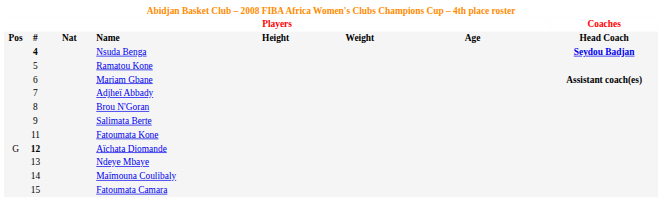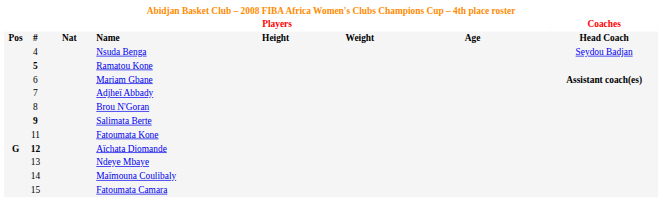 <table border=0 cellpadding=2 cellspacing=0  |- bgcolor=#f5f5f5 style="text-align:center; font-size:85%;" width=75%>
 <tr>
 <td colspan="8" style="background: white; color: #ff8c00"><strong>Abidjan Basket Club – 2008 FIBA Africa Women's Clubs Champions Cup – 4th place roster</strong></td>
 </tr>
 <tr>
 <td colspan="7" style="background: white; color: red"><strong>Players</strong></td>
 <td style="background: white; color: red"><strong>Coaches</strong></td>
 </tr>
 <tr style="background=#f5f5f5; color: black">
 <th width=5px>Pos</th>
 <th width=5px>#</th>
 <th width=50px>Nat</th>
 <th width=135px align=left>Name</th>
 <th width=100px>Height</th>
 <th width=70px>Weight</th>
 <th width=160px>Age</th>
 <th width=110px>Head Coach</th>
 </tr>
 <tr>
 <td></td>
-<td><strong>4</strong></td>
+<td>4</td>
 <td></td>
 <td align=left><a href='#'>Nsuda Benga</a></td>
 <td></td>
 <td></td>
 <td><span></span></td>
-<td><strong> <a href='#'>Seydou Badjan</a></strong></td>
+<td> <a href='#'>Seydou Badjan</a></td>
 </tr>
 <tr>
 <td></td>
-<td>5</td>
+<td><strong>5</strong></td>
 <td></td>
 <td align=left><a href='#'>Ramatou Kone</a></td>
 <td></td>
 <td></td>
 <td><span></span></td>
 </tr>
 <tr>
 <td></td>
 <td>6</td>
 <td></td>
 <td align=left><a href='#'>Mariam Gbane</a></td>
 <td></td>
 <td></td>
 <td><span></span></td>
 <td><strong>Assistant coach(es)</strong></td>
 </tr>
 <tr>
 <td></td>
 <td>7</td>
 <td></td>
 <td align=left><a href='#'>Adjheï Abbady</a></td>
 <td></td>
 <td></td>
 <td><span></span></td>
 <td></td>
 </tr>
 <tr>
 <td></td>
 <td>8</td>
 <td></td>
 <td align=left><a href='#'>Brou N'Goran</a></td>
 <td></td>
 <td></td>
 <td><span></span></td>
 </tr>
 <tr>
 <td></td>
-<td>9</td>
+<td><strong>9</strong></td>
 <td></td>
 <td align=left><a href='#'>Salimata Berte</a></td>
 <td></td>
 <td></td>
 <td><span></span></td>
 </tr>
 <tr>
 <td></td>
 <td>11</td>
 <td></td>
 <td align=left><a href='#'>Fatoumata Kone</a></td>
 <td></td>
 <td></td>
 <td><span></span></td>
 </tr>
 <tr>
-<td>G</td>
+<td><strong>G</strong></td>
 <td><strong>12</strong></td>
 <td></td>
 <td align=left><a href='#'>Aïchata Diomande</a></td>
 <td><span></span></td>
 <td></td>
 <td><span></span></td>
 <td></td>
 </tr>
 <tr>
 <td></td>
 <td>13</td>
 <td></td>
 <td align=left><a href='#'>Ndeye Mbaye</a></td>
 <td></td>
 <td></td>
 <td><span></span></td>
 </tr>
 <tr>
 <td></td>
 <td>14</td>
 <td></td>
 <td align=left><a href='#'>Maïmouna Coulibaly</a></td>
 <td></td>
 <td></td>
 <td><span></span></td>
 </tr>
 <tr>
 <td></td>
 <td>15</td>
 <td></td>
 <td align=left><a href='#'>Fatoumata Camara</a></td>
 <td></td>
 <td></td>
 <td><span></span></td>
 </tr>
 </table>
